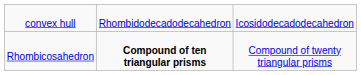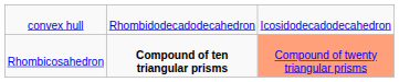 <table class="wikitable" width="400" style="vertical-align:top;text-align:center">
 <tr>
 <td><br><a href='#'>convex hull</a></td>
 <td><br><a href='#'>Rhombidodecadodecahedron</a></td>
 <td><br><a href='#'>Icosidodecadodecahedron</a></td>
 </tr>
 <tr>
 <td><br><a href='#'>Rhombicosahedron</a></td>
 <td><br><strong>Compound of ten triangular prisms</strong></td>
-<td><br><a href='#'>Compound of twenty triangular prisms</a></td>
+<td style="background: lightsalmon;"><br><a href='#'>Compound of twenty triangular prisms</a></td>
 </tr>
 </table>
